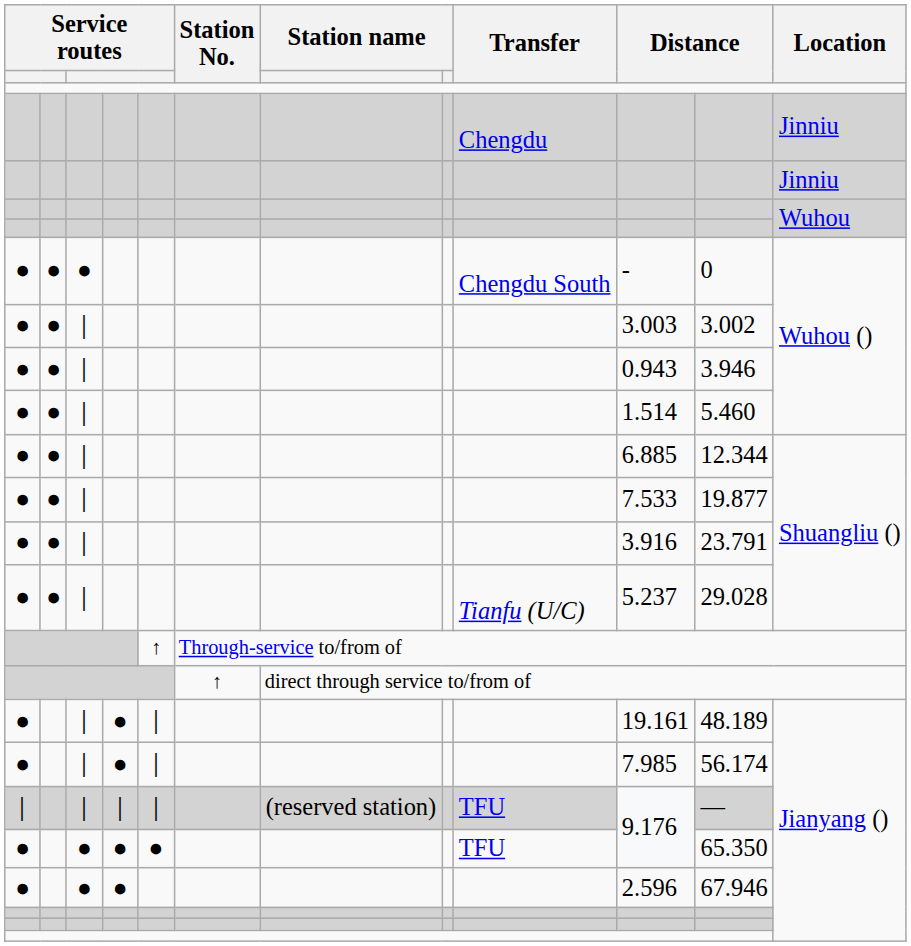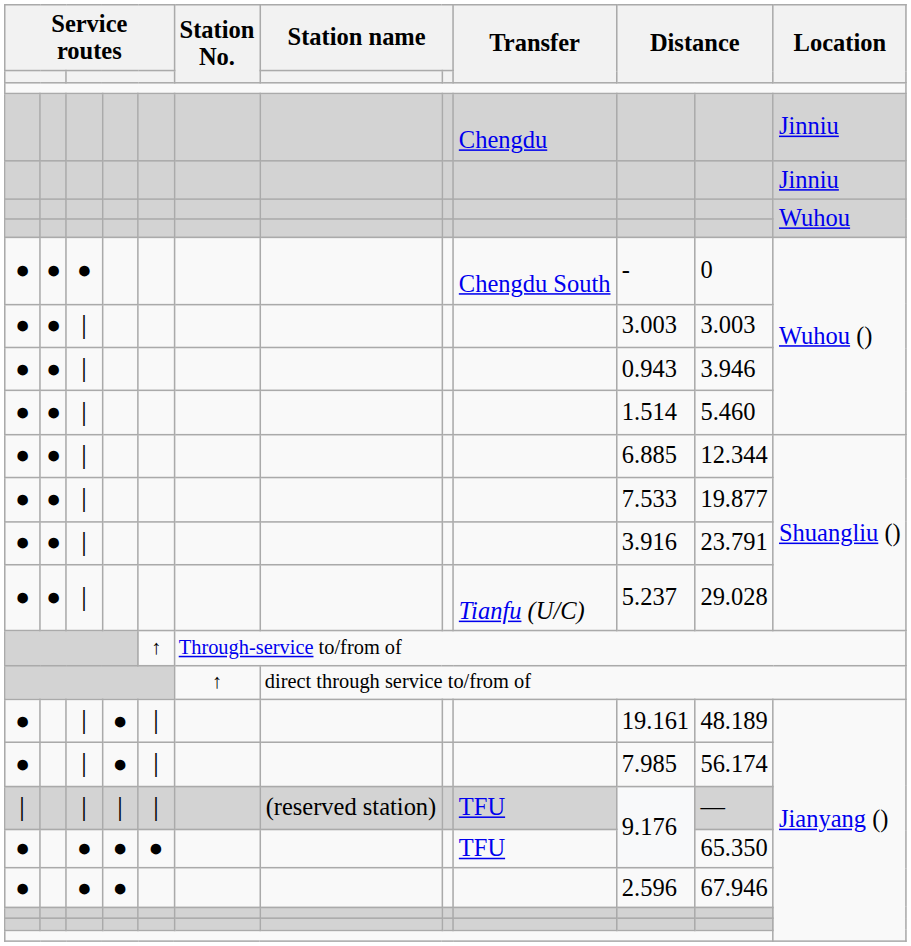 <table class="wikitable">
 <tr>
 <th colspan="5">Service<br>routes</th>
 <th rowspan="2">Station<br>No.</th>
 <th colspan=2>Station name</th>
 <th rowspan=2>Transfer</th>
 <th colspan="2" rowspan="2">Distance<br></th>
 <th rowspan=2>Location</th>
 </tr>
 <tr>
 <th colspan="2"></th>
 <th colspan="3"></th>
 <th></th>
 <th></th>
 </tr>
 <tr style="background:#">
 <td colspan="12"></td>
 </tr>
 <tr bgcolor="lightgrey">
 <td align="center"></td>
 <td></td>
 <td></td>
 <td></td>
 <td align="center"></td>
 <td></td>
 <td><em></em></td>
 <td></td>
 <td> <br> <a href='#'>Chengdu</a></td>
 <td></td>
 <td></td>
 <td><a href='#'>Jinniu</a></td>
 </tr>
 <tr bgcolor="lightgrey">
 <td align="center"></td>
 <td></td>
 <td></td>
 <td></td>
 <td align="center"></td>
 <td></td>
 <td><em></em></td>
 <td></td>
 <td>  </td>
 <td></td>
 <td></td>
 <td><a href='#'>Jinniu</a></td>
 </tr>
 <tr bgcolor="lightgrey">
 <td align="center"></td>
 <td></td>
 <td></td>
 <td></td>
 <td align="center"></td>
 <td></td>
 <td><em></em></td>
 <td></td>
 <td> </td>
 <td></td>
 <td></td>
 <td rowspan="2"><a href='#'>Wuhou</a></td>
 </tr>
 <tr bgcolor="lightgrey">
 <td align="center"></td>
 <td></td>
 <td></td>
 <td></td>
 <td align="center"></td>
 <td></td>
 <td><em></em></td>
 <td></td>
 <td> </td>
 <td></td>
 <td></td>
 </tr>
 <tr>
 <td align="center">●</td>
 <td align="center">●</td>
 <td align="center">●</td>
 <td></td>
 <td></td>
 <td></td>
 <td></td>
 <td></td>
 <td> <br>  <a href='#'>Chengdu South</a></td>
 <td>-</td>
 <td>0</td>
 <td rowspan="4"><a href='#'>Wuhou</a> ()</td>
 </tr>
 <tr>
 <td align="center">●</td>
 <td align="center">●</td>
 <td align="center">｜</td>
 <td></td>
 <td></td>
 <td></td>
 <td></td>
 <td></td>
 <td> </td>
 <td>3.003</td>
-<td>3.002</td>
+<td>3.003</td>
 </tr>
 <tr>
 <td align="center">●</td>
 <td align="center">●</td>
 <td align="center">｜</td>
 <td></td>
 <td></td>
 <td></td>
 <td></td>
 <td></td>
 <td></td>
 <td>0.943</td>
 <td>3.946</td>
 </tr>
 <tr>
 <td align="center">●</td>
 <td align="center">●</td>
 <td align="center">｜</td>
 <td></td>
 <td></td>
 <td></td>
 <td></td>
 <td></td>
 <td></td>
 <td>1.514</td>
 <td>5.460</td>
 </tr>
 <tr>
 <td align="center">●</td>
 <td align="center">●</td>
 <td align="center">｜</td>
 <td></td>
 <td></td>
 <td></td>
 <td></td>
 <td></td>
 <td></td>
 <td>6.885</td>
 <td>12.344</td>
 <td rowspan="4"><a href='#'>Shuangliu</a> ()</td>
 </tr>
 <tr>
 <td align="center">●</td>
 <td align="center">●</td>
 <td align="center">｜</td>
 <td></td>
 <td></td>
 <td></td>
 <td></td>
 <td></td>
 <td> </td>
 <td>7.533</td>
 <td>19.877</td>
 </tr>
 <tr>
 <td align="center">●</td>
 <td align="center">●</td>
 <td align="center">｜</td>
 <td></td>
 <td></td>
 <td></td>
 <td></td>
 <td></td>
 <td></td>
 <td>3.916</td>
 <td>23.791</td>
 </tr>
 <tr>
 <td align="center">●</td>
 <td align="center">●</td>
 <td align="center">｜</td>
 <td align="center"></td>
 <td align="center"></td>
 <td></td>
 <td></td>
 <td></td>
 <td><br> <em><a href='#'>Tianfu</a> (U/C)</em></td>
 <td>5.237</td>
 <td>29.028</td>
 </tr>
 <tr style="font-size:smaller">
 <td colspan="4" align="center" style="background:lightgrey"></td>
 <td align="center" style="background:#">↑</td>
 <td colspan="7"><a href='#'>Through-service</a> to/from  of </td>
 </tr>
 <tr style="font-size:smaller">
 <td colspan="5" align="center" style="background:lightgrey"></td>
 <td align="center" style="background:#">↑</td>
 <td colspan="6">direct through service to/from  of </td>
 </tr>
 <tr>
 <td align="center">●</td>
 <td></td>
 <td align="center">｜</td>
 <td align="center">●</td>
 <td align="center">｜</td>
 <td></td>
 <td></td>
 <td></td>
 <td></td>
 <td>19.161</td>
 <td>48.189</td>
 <td rowspan="8"><a href='#'>Jianyang</a> ()</td>
 </tr>
 <tr>
 <td align="center">●</td>
 <td></td>
 <td align="center">｜</td>
 <td align="center">●</td>
 <td align="center">｜</td>
 <td></td>
 <td></td>
 <td></td>
 <td></td>
 <td>7.985</td>
 <td>56.174</td>
 </tr>
 <tr bgcolor="lightgrey">
 <td align="center">｜</td>
 <td></td>
 <td align="center">｜</td>
 <td align="center">｜</td>
 <td align="center">｜</td>
 <td></td>
 <td><em></em> (reserved station)</td>
 <td></td>
 <td> <a href='#'>TFU</a></td>
 <td bgcolor=#F8F9FA rowspan="2">9.176</td>
 <td>—</td>
 </tr>
 <tr>
 <td align="center">●</td>
 <td></td>
 <td align="center">●</td>
 <td align="center">●</td>
 <td align="center">●</td>
 <td></td>
 <td></td>
 <td></td>
 <td> <a href='#'>TFU</a></td>
 <td>65.350</td>
 </tr>
 <tr>
 <td align="center">●</td>
 <td></td>
 <td align="center">●</td>
 <td align="center">●</td>
 <td align="center"></td>
 <td></td>
 <td></td>
 <td></td>
 <td></td>
 <td>2.596</td>
 <td>67.946</td>
 </tr>
 <tr bgcolor="lightgrey">
 <td></td>
 <td></td>
 <td></td>
 <td></td>
 <td></td>
 <td></td>
 <td><em></em></td>
 <td></td>
 <td></td>
 <td></td>
 <td></td>
 </tr>
 <tr bgcolor="lightgrey">
 <td></td>
 <td></td>
 <td></td>
 <td></td>
 <td></td>
 <td></td>
 <td><em></em></td>
 <td></td>
 <td></td>
 <td></td>
 <td></td>
 </tr>
 <tr style="background:#">
 <td colspan="12"></td>
 </tr>
 </table>
